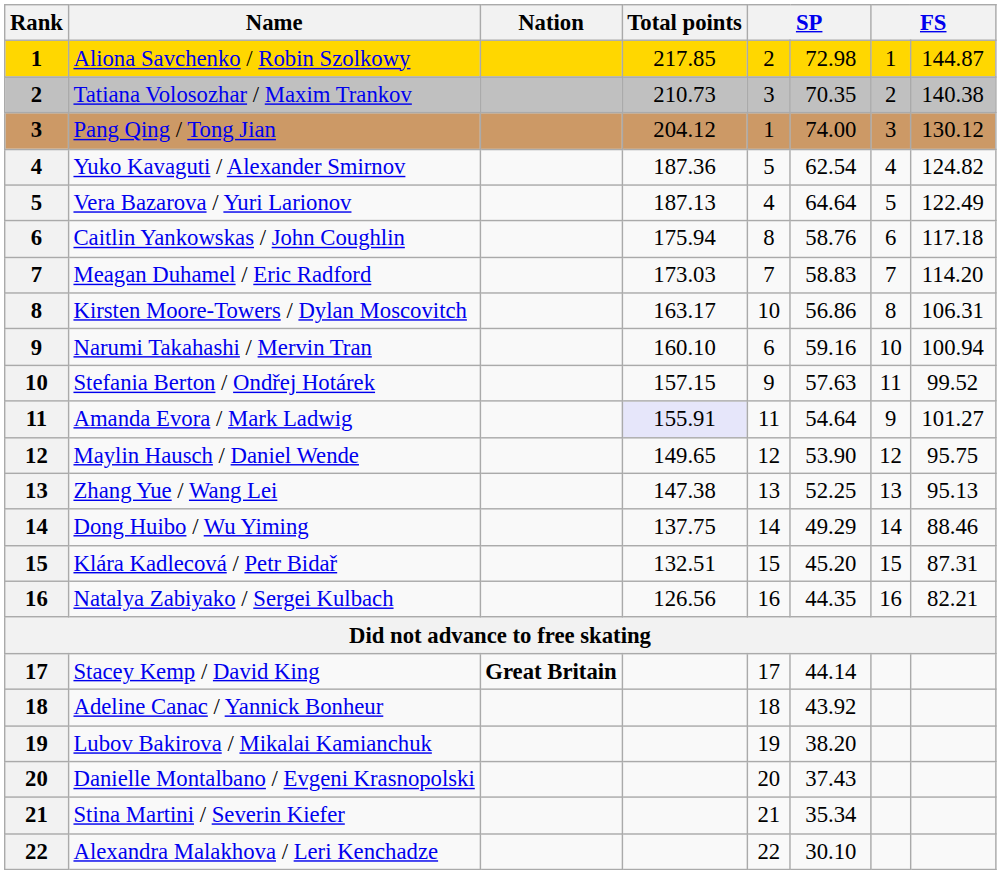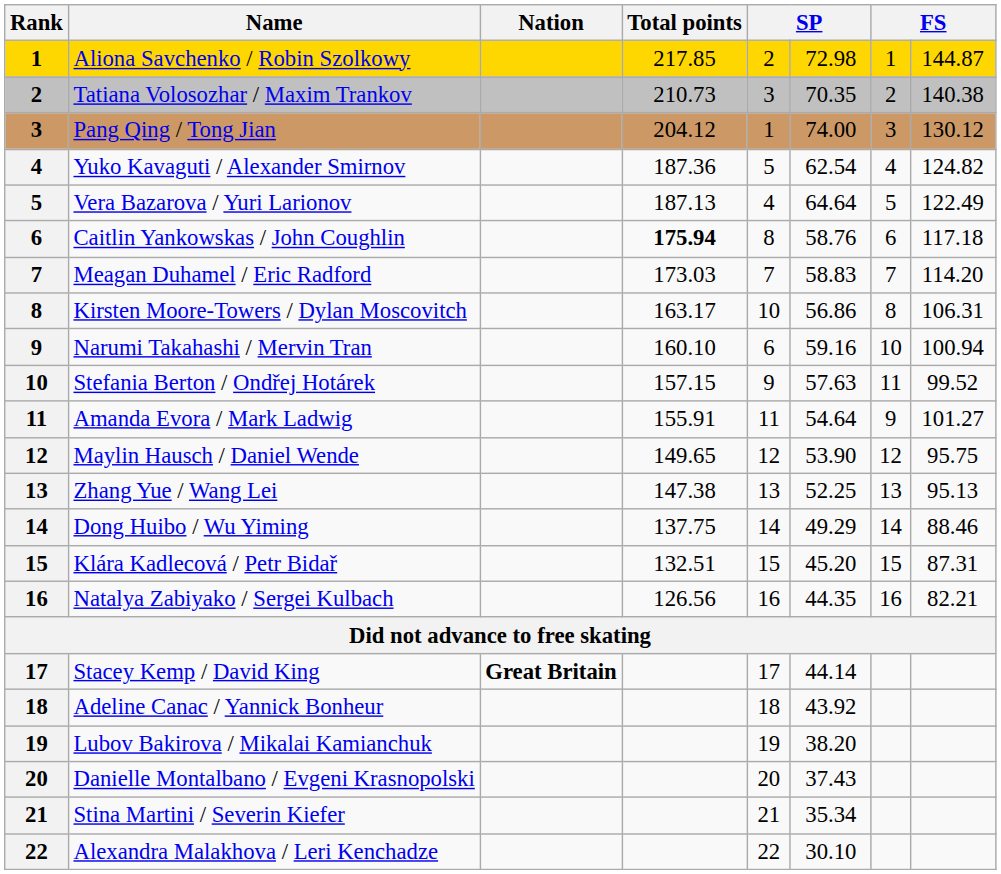 <table class="wikitable sortable">
 <tr>
 <th>Rank</th>
 <th>Name</th>
 <th>Nation</th>
 <th>Total points</th>
 <th colspan="2" width="80px"><a href='#'>SP</a></th>
 <th colspan="2" width="80px"><a href='#'>FS</a></th>
 </tr>
 <tr bgcolor="gold">
 <td align="center"><strong>1</strong></td>
 <td><a href='#'>Aliona Savchenko</a> / <a href='#'>Robin Szolkowy</a></td>
 <td></td>
 <td align="center">217.85</td>
 <td align="center">2</td>
 <td align="center">72.98</td>
 <td align="center">1</td>
 <td align="center">144.87</td>
 </tr>
 <tr bgcolor="silver">
 <td align="center"><strong>2</strong></td>
 <td><a href='#'>Tatiana Volosozhar</a> / <a href='#'>Maxim Trankov</a></td>
 <td></td>
 <td align="center">210.73</td>
 <td align="center">3</td>
 <td align="center">70.35</td>
 <td align="center">2</td>
 <td align="center">140.38</td>
 </tr>
 <tr bgcolor="cc9966">
 <td align="center"><strong>3</strong></td>
 <td><a href='#'>Pang Qing</a> / <a href='#'>Tong Jian</a></td>
 <td></td>
 <td align="center">204.12</td>
 <td align="center">1</td>
 <td align="center">74.00</td>
 <td align="center">3</td>
 <td align="center">130.12</td>
 </tr>
 <tr>
 <th>4</th>
 <td><a href='#'>Yuko Kavaguti</a> / <a href='#'>Alexander Smirnov</a></td>
 <td></td>
 <td align="center">187.36</td>
 <td align="center">5</td>
 <td align="center">62.54</td>
 <td align="center">4</td>
 <td align="center">124.82</td>
 </tr>
 <tr>
 <th>5</th>
 <td><a href='#'>Vera Bazarova</a> / <a href='#'>Yuri Larionov</a></td>
 <td></td>
 <td align="center">187.13</td>
 <td align="center">4</td>
 <td align="center">64.64</td>
 <td align="center">5</td>
 <td align="center">122.49</td>
 </tr>
 <tr>
 <th>6</th>
 <td><a href='#'>Caitlin Yankowskas</a> / <a href='#'>John Coughlin</a></td>
 <td></td>
-<td align="center">175.94</td>
+<td align="center"><strong>175.94</strong></td>
 <td align="center">8</td>
 <td align="center">58.76</td>
 <td align="center">6</td>
 <td align="center">117.18</td>
 </tr>
 <tr>
 <th>7</th>
 <td><a href='#'>Meagan Duhamel</a> / <a href='#'>Eric Radford</a></td>
 <td></td>
 <td align="center">173.03</td>
 <td align="center">7</td>
 <td align="center">58.83</td>
 <td align="center">7</td>
 <td align="center">114.20</td>
 </tr>
 <tr>
 <th>8</th>
 <td><a href='#'>Kirsten Moore-Towers</a> / <a href='#'>Dylan Moscovitch</a></td>
 <td></td>
 <td align="center">163.17</td>
 <td align="center">10</td>
 <td align="center">56.86</td>
 <td align="center">8</td>
 <td align="center">106.31</td>
 </tr>
 <tr>
 <th>9</th>
 <td><a href='#'>Narumi Takahashi</a> / <a href='#'>Mervin Tran</a></td>
 <td></td>
 <td align="center">160.10</td>
 <td align="center">6</td>
 <td align="center">59.16</td>
 <td align="center">10</td>
 <td align="center">100.94</td>
 </tr>
 <tr>
 <th>10</th>
 <td><a href='#'>Stefania Berton</a> / <a href='#'>Ondřej Hotárek</a></td>
 <td></td>
 <td align="center">157.15</td>
 <td align="center">9</td>
 <td align="center">57.63</td>
 <td align="center">11</td>
 <td align="center">99.52</td>
 </tr>
 <tr>
 <th>11</th>
 <td><a href='#'>Amanda Evora</a> / <a href='#'>Mark Ladwig</a></td>
 <td></td>
-<td align="center" style="background: lavender;">155.91</td>
+<td align="center">155.91</td>
 <td align="center">11</td>
 <td align="center">54.64</td>
 <td align="center">9</td>
 <td align="center">101.27</td>
 </tr>
 <tr>
 <th>12</th>
 <td><a href='#'>Maylin Hausch</a> / <a href='#'>Daniel Wende</a></td>
 <td></td>
 <td align="center">149.65</td>
 <td align="center">12</td>
 <td align="center">53.90</td>
 <td align="center">12</td>
 <td align="center">95.75</td>
 </tr>
 <tr>
 <th>13</th>
 <td><a href='#'>Zhang Yue</a> / <a href='#'>Wang Lei</a></td>
 <td></td>
 <td align="center">147.38</td>
 <td align="center">13</td>
 <td align="center">52.25</td>
 <td align="center">13</td>
 <td align="center">95.13</td>
 </tr>
 <tr>
 <th>14</th>
 <td><a href='#'>Dong Huibo</a> / <a href='#'>Wu Yiming</a></td>
 <td></td>
 <td align="center">137.75</td>
 <td align="center">14</td>
 <td align="center">49.29</td>
 <td align="center">14</td>
 <td align="center">88.46</td>
 </tr>
 <tr>
 <th>15</th>
 <td><a href='#'>Klára Kadlecová</a> / <a href='#'>Petr Bidař</a></td>
 <td></td>
 <td align="center">132.51</td>
 <td align="center">15</td>
 <td align="center">45.20</td>
 <td align="center">15</td>
 <td align="center">87.31</td>
 </tr>
 <tr>
 <th>16</th>
 <td><a href='#'>Natalya Zabiyako</a> / <a href='#'>Sergei Kulbach</a></td>
 <td></td>
 <td align="center">126.56</td>
 <td align="center">16</td>
 <td align="center">44.35</td>
 <td align="center">16</td>
 <td align="center">82.21</td>
 </tr>
 <tr>
 <th colspan="10">Did not advance to free skating</th>
 </tr>
 <tr>
 <th>17</th>
 <td><a href='#'>Stacey Kemp</a> / <a href='#'>David King</a></td>
 <td><strong> Great Britain</strong></td>
 <td></td>
 <td align="center">17</td>
 <td align="center">44.14</td>
 <td></td>
 <td></td>
 </tr>
 <tr>
 <th>18</th>
 <td><a href='#'>Adeline Canac</a> / <a href='#'>Yannick Bonheur</a></td>
 <td></td>
 <td></td>
 <td align="center">18</td>
 <td align="center">43.92</td>
 <td></td>
 <td></td>
 </tr>
 <tr>
 <th>19</th>
 <td><a href='#'>Lubov Bakirova</a> / <a href='#'>Mikalai Kamianchuk</a></td>
 <td></td>
 <td></td>
 <td align="center">19</td>
 <td align="center">38.20</td>
 <td></td>
 <td></td>
 </tr>
 <tr>
 <th>20</th>
 <td><a href='#'>Danielle Montalbano</a> / <a href='#'>Evgeni Krasnopolski</a></td>
 <td></td>
 <td></td>
 <td align="center">20</td>
 <td align="center">37.43</td>
 <td></td>
 <td></td>
 </tr>
 <tr>
 <th>21</th>
 <td><a href='#'>Stina Martini</a> / <a href='#'>Severin Kiefer</a></td>
 <td></td>
 <td></td>
 <td align="center">21</td>
 <td align="center">35.34</td>
 <td></td>
 <td></td>
 </tr>
 <tr>
 <th>22</th>
 <td><a href='#'>Alexandra Malakhova</a> / <a href='#'>Leri Kenchadze</a></td>
 <td></td>
 <td></td>
 <td align="center">22</td>
 <td align="center">30.10</td>
 <td></td>
 <td></td>
 </tr>
 </table>
